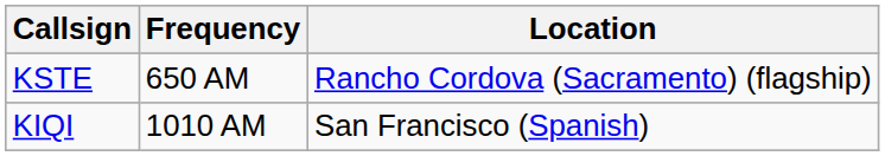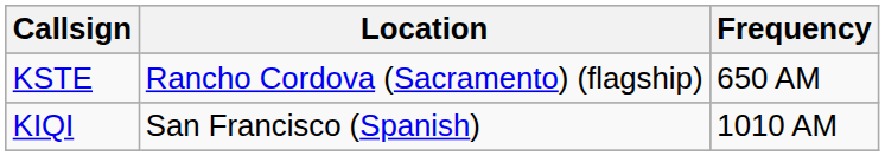 <table class="wikitable">
 <tr>
 <th>Callsign</th>
+<th>Location</th>
 <th>Frequency</th>
-<th>Location</th>
 </tr>
 <tr>
 <td><a href='#'>KSTE</a></td>
+<td><a href='#'>Rancho Cordova</a> (<a href='#'>Sacramento</a>) (flagship)</td>
 <td>650 AM</td>
-<td><a href='#'>Rancho Cordova</a> (<a href='#'>Sacramento</a>) (flagship)</td>
 </tr>
 <tr>
 <td><a href='#'>KIQI</a></td>
+<td>San Francisco (<a href='#'>Spanish</a>)</td>
 <td>1010 AM</td>
-<td>San Francisco (<a href='#'>Spanish</a>)</td>
 </tr>
 </table>
